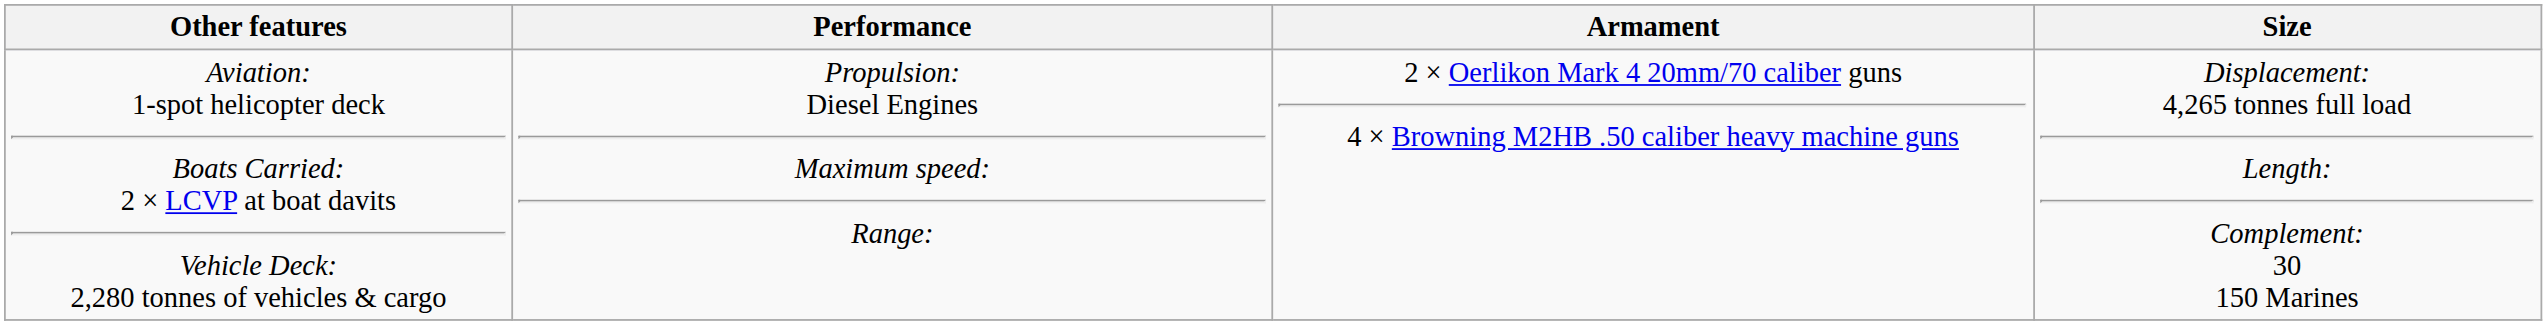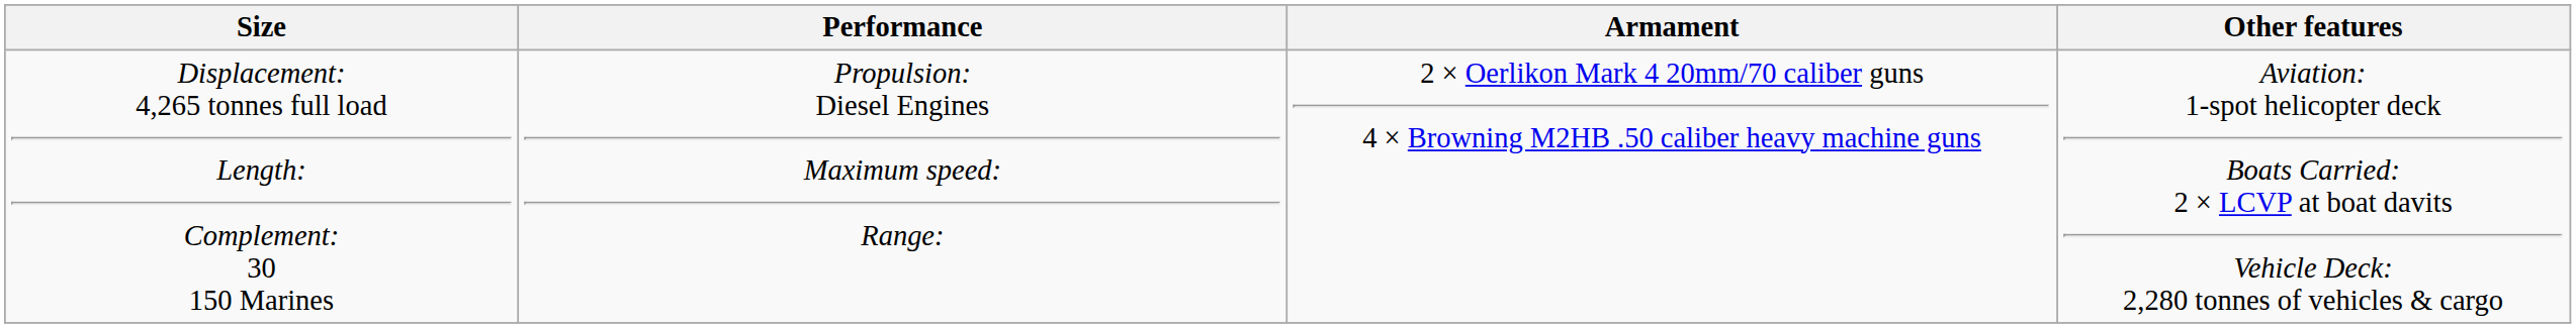 <table class="wikitable"  style="width:90%; text-align:center;">
 <tr style="background:lavender;">
-<th>Other features</th>
+<th>Size</th>
 <th>Performance</th>
 <th>Armament</th>
-<th>Size</th>
+<th>Other features</th>
 </tr>
 <tr>
-<td style="vertical-align:top; width:20%;"><em>Aviation:</em><br>1-spot helicopter deck<hr><em>Boats Carried:</em><br>2 × <a href='#'>LCVP</a> at boat davits <hr><em>Vehicle Deck:</em><br>2,280 tonnes of vehicles & cargo</td>
+<td style="vertical-align:top; width:20%;"><em>Displacement:</em><br>4,265 tonnes full load <hr><em>Length:</em><br> <hr><em>Complement:</em><br>30 <br>150 Marines</td>
 <td style="vertical-align:top; width:30%;"><em>Propulsion:</em><br>Diesel Engines <hr><em>Maximum speed:</em><br> <hr><em>Range:</em><br></td>
 <td style="vertical-align:top; width:30%;">2 × <a href='#'>Oerlikon Mark 4 20mm/70 caliber</a> guns <hr>4 × <a href='#'>Browning M2HB .50 caliber heavy machine guns</a></td>
-<td style="vertical-align:top; width:20%;"><em>Displacement:</em><br>4,265 tonnes full load <hr><em>Length:</em><br> <hr><em>Complement:</em><br>30 <br>150 Marines</td>
+<td style="vertical-align:top; width:20%;"><em>Aviation:</em><br>1-spot helicopter deck<hr><em>Boats Carried:</em><br>2 × <a href='#'>LCVP</a> at boat davits <hr><em>Vehicle Deck:</em><br>2,280 tonnes of vehicles & cargo</td>
 </tr>
 </table>
